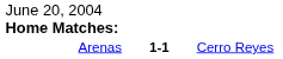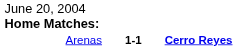 <table width=100% cellspacing=1>
 <tr>
 <th width=20%></th>
 <th width=12%></th>
 <th width=20%></th>
 <th></th>
 </tr>
 <tr>
 <td>June 20, 2004<br><strong>Home Matches:</strong></td>
 </tr>
 <tr style=font-size:90%>
 <td align=right><a href='#'>Arenas</a></td>
 <td align=center><strong>1-1</strong></td>
-<td><a href='#'>Cerro Reyes</a></td>
+<td><strong><a href='#'>Cerro Reyes</a></strong></td>
 </tr>
 </table>
